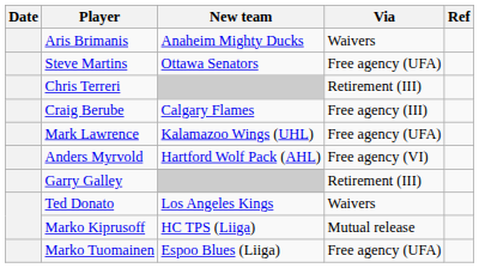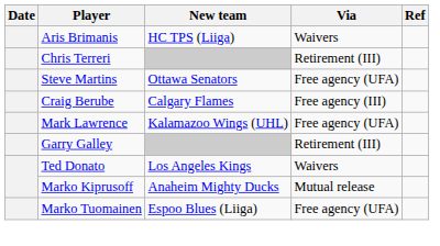 <table class="wikitable plainrowheaders">
 <tr style="background:#ddd; text-align:center;">
 <th>Date</th>
 <th>Player</th>
 <th>New team</th>
 <th>Via</th>
 <th>Ref</th>
 </tr>
 <tr>
 <th scope="row"></th>
 <td><a href='#'>Aris Brimanis</a></td>
-<td><a href='#'>Anaheim Mighty Ducks</a></td>
+<td><a href='#'>HC TPS</a> (<a href='#'>Liiga</a>)</td>
 <td>Waivers</td>
+<td></td>
+</tr>
+<tr>
+<th scope="row"></th>
+<td><a href='#'>Chris Terreri</a></td>
+<td style="background:#ccc"></td>
+<td>Retirement (III)</td>
 <td></td>
 </tr>
 <tr>
 <th scope="row"></th>
 <td><a href='#'>Steve Martins</a></td>
 <td><a href='#'>Ottawa Senators</a></td>
 <td>Free agency (UFA)</td>
-<td></td>
-</tr>
-<tr>
-<th scope="row"></th>
-<td><a href='#'>Chris Terreri</a></td>
-<td style="background:#ccc"></td>
-<td>Retirement (III)</td>
 <td></td>
 </tr>
 <tr>
 <th scope="row"></th>
 <td><a href='#'>Craig Berube</a></td>
 <td><a href='#'>Calgary Flames</a></td>
 <td>Free agency (III)</td>
 <td></td>
 </tr>
 <tr>
 <th scope="row"></th>
 <td><a href='#'>Mark Lawrence</a></td>
 <td><a href='#'>Kalamazoo Wings</a> (<a href='#'>UHL</a>)</td>
 <td>Free agency (UFA)</td>
 <td></td>
 </tr>
 <tr>
 <th scope="row"></th>
-<td><a href='#'>Anders Myrvold</a></td>
-<td><a href='#'>Hartford Wolf Pack</a> (<a href='#'>AHL</a>)</td>
-<td>Free agency (VI)</td>
-<td></td>
-</tr>
-<tr>
-<th scope="row"></th>
 <td><a href='#'>Garry Galley</a></td>
 <td style="background:#ccc"></td>
 <td>Retirement (III)</td>
 <td></td>
 </tr>
 <tr>
 <th scope="row" rowspan=2></th>
 <td><a href='#'>Ted Donato</a></td>
 <td><a href='#'>Los Angeles Kings</a></td>
 <td>Waivers</td>
 <td></td>
 </tr>
 <tr>
 <td><a href='#'>Marko Kiprusoff</a></td>
-<td><a href='#'>HC TPS</a> (<a href='#'>Liiga</a>)</td>
+<td><a href='#'>Anaheim Mighty Ducks</a></td>
 <td>Mutual release</td>
 <td></td>
 </tr>
 <tr>
 <th scope="row"></th>
 <td><a href='#'>Marko Tuomainen</a></td>
 <td><a href='#'>Espoo Blues</a> (Liiga)</td>
 <td>Free agency (UFA)</td>
 <td></td>
 </tr>
 </table>
